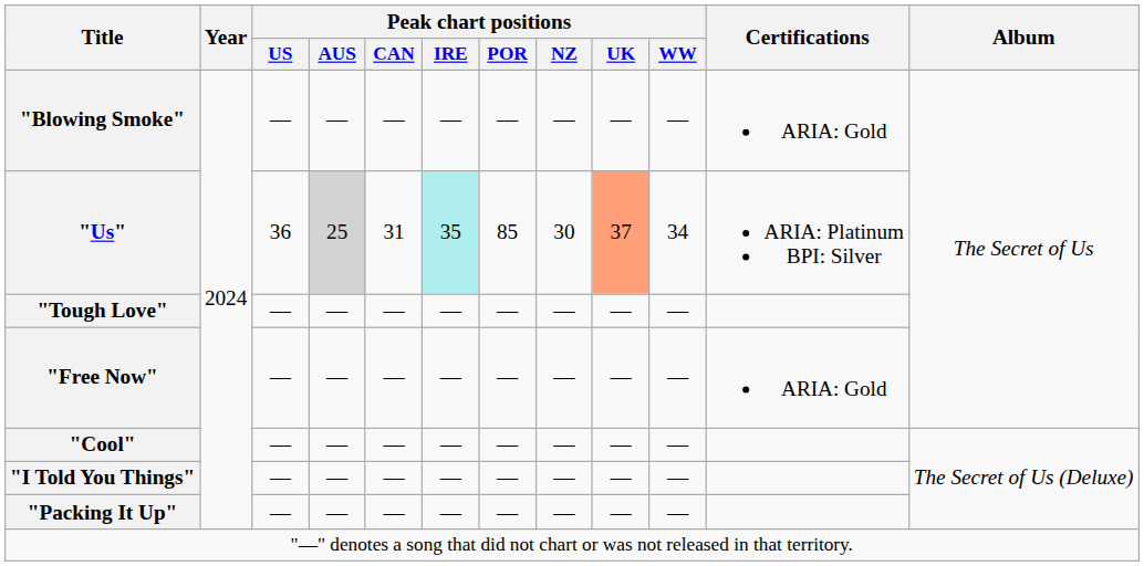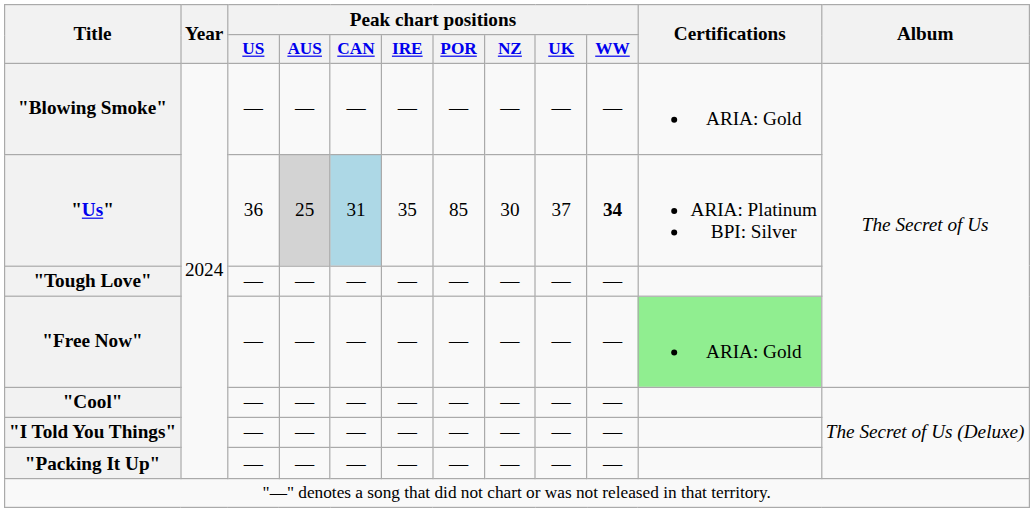 <table class="wikitable plainrowheaders" style="text-align:center">
 <tr>
 <th scope="col" rowspan="2">Title</th>
 <th scope="col" rowspan="2">Year</th>
 <th scope="col" colspan="8">Peak chart positions</th>
 <th rowspan="2" scope="col">Certifications</th>
 <th rowspan="2" scope="col">Album</th>
 </tr>
 <tr>
 <th scope="col" style="width:2.5em;font-size:90%;"><a href='#'>US</a><br></th>
 <th scope="col" style="width:2.5em;font-size:90%;"><a href='#'>AUS</a><br></th>
 <th scope="col" style="width:2.5em;font-size:90%;"><a href='#'>CAN</a><br></th>
 <th scope="col" style="width:2.5em;font-size:90%;"><a href='#'>IRE</a><br></th>
 <th scope="col" style="width:2.5em;font-size:90%;"><a href='#'>POR</a><br></th>
 <th scope="col" style="width:2.5em;font-size:90%;"><a href='#'>NZ</a><br></th>
 <th scope="col" style="width:2.5em;font-size:90%;"><a href='#'>UK</a><br></th>
 <th scope="col" style="width:2.5em;font-size:90%;"><a href='#'>WW</a><br></th>
 </tr>
 <tr>
 <th scope="row">"Blowing Smoke"</th>
 <td rowspan="7">2024</td>
 <td>—</td>
 <td>—</td>
 <td>—</td>
 <td>—</td>
 <td>—</td>
 <td>—</td>
 <td>—</td>
 <td>—</td>
 <td><br><ul><li>ARIA: Gold</li></ul></td>
 <td rowspan="4"><em>The Secret of Us</em></td>
 </tr>
 <tr>
 <th scope="row">"<a href='#'>Us</a>"<br></th>
 <td>36</td>
 <td style="background: lightgrey;">25</td>
-<td>31</td>
-<td style="background: paleturquoise;">35</td>
+<td style="background: lightblue;">31</td>
+<td>35</td>
 <td>85</td>
 <td>30</td>
-<td style="background: lightsalmon;">37</td>
-<td>34</td>
+<td>37</td>
+<td><strong>34</strong></td>
 <td><br><ul><li>ARIA: Platinum</li><li>BPI: Silver</li></ul></td>
 </tr>
 <tr>
 <th scope="row">"Tough Love"</th>
 <td>—</td>
 <td>—</td>
 <td>—</td>
 <td>—</td>
 <td>—</td>
 <td>—</td>
 <td>—</td>
 <td>—</td>
 <td></td>
 </tr>
 <tr>
 <th scope="row">"Free Now"</th>
 <td>—</td>
 <td>—</td>
 <td>—</td>
 <td>—</td>
 <td>—</td>
 <td>—</td>
 <td>—</td>
 <td>—</td>
-<td><br><ul><li>ARIA: Gold</li></ul></td>
+<td style="background: lightgreen;"><br><ul><li>ARIA: Gold</li></ul></td>
 </tr>
 <tr>
 <th scope="row">"Cool"</th>
 <td>—</td>
 <td>—</td>
 <td>—</td>
 <td>—</td>
 <td>—</td>
 <td>—</td>
 <td>—</td>
 <td>—</td>
 <td></td>
 <td rowspan="3"><em>The Secret of Us (Deluxe)</em></td>
 </tr>
 <tr>
 <th scope="row">"I Told You Things"</th>
 <td>—</td>
 <td>—</td>
 <td>—</td>
 <td>—</td>
 <td>—</td>
 <td>—</td>
 <td>—</td>
 <td>—</td>
 <td></td>
 </tr>
 <tr>
 <th scope="row">"Packing It Up"</th>
 <td>—</td>
 <td>—</td>
 <td>—</td>
 <td>—</td>
 <td>—</td>
 <td>—</td>
 <td>—</td>
 <td>—</td>
 <td></td>
 </tr>
 <tr>
 <td colspan="14" style="font-size:90%">"—" denotes a song that did not chart or was not released in that territory.</td>
 </tr>
 </table>
